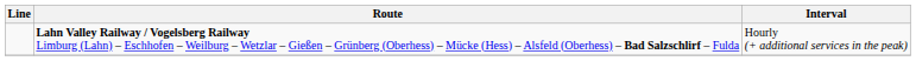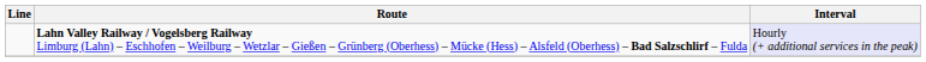 <table class="wikitable">
 <tr>
 <th>Line</th>
 <th>Route</th>
 <th>Interval</th>
 </tr>
 <tr>
 <td></td>
 <td><strong>Lahn Valley Railway / Vogelsberg Railway</strong><br><a href='#'>Limburg (Lahn)</a> – <a href='#'>Eschhofen</a> – <a href='#'>Weilburg</a> – <a href='#'>Wetzlar</a> – <a href='#'>Gießen</a> – <a href='#'>Grünberg (Oberhess)</a> – <a href='#'>Mücke (Hess)</a> – <a href='#'>Alsfeld (Oberhess)</a>  – <strong>Bad Salzschlirf</strong> – <a href='#'>Fulda</a></td>
-<td>Hourly<br> <em>(+ additional services in the peak)</em></td>
+<td style="background: lavender;">Hourly<br> <em>(+ additional services in the peak)</em></td>
 </tr>
 <tr>
 </tr>
 </table>
